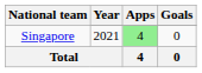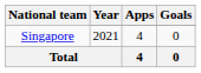 <table class="wikitable" style="text-align:center">
 <tr>
 <th>National team</th>
 <th>Year</th>
 <th>Apps</th>
 <th>Goals</th>
 </tr>
 <tr>
 <td rowspan="2"><a href='#'>Singapore</a></td>
 </tr>
 <tr>
 <td>2021</td>
-<td style="background: lightgreen;">4</td>
+<td>4</td>
 <td>0</td>
 </tr>
 <tr>
 <th colspan="2">Total</th>
 <th>4</th>
 <th>0</th>
 </tr>
 </table>
